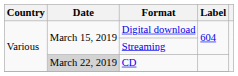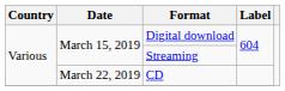 <table class="wikitable">
 <tr>
 <th>Country</th>
 <th>Date</th>
 <th>Format</th>
 <th>Label</th>
 <th></th>
 </tr>
 <tr>
 <td rowspan="3">Various</td>
 <td rowspan="2">March 15, 2019</td>
 <td><a href='#'>Digital download</a></td>
 <td rowspan="2"><a href='#'>604</a></td>
 <td rowspan="4"></td>
 </tr>
 <tr>
 <td><a href='#'>Streaming</a></td>
 </tr>
 <tr>
-<td style="background: lightgrey;">March 22, 2019</td>
+<td>March 22, 2019</td>
 <td><a href='#'>CD</a></td>
 <td></td>
 </tr>
 <tr>
 </tr>
 </table>
